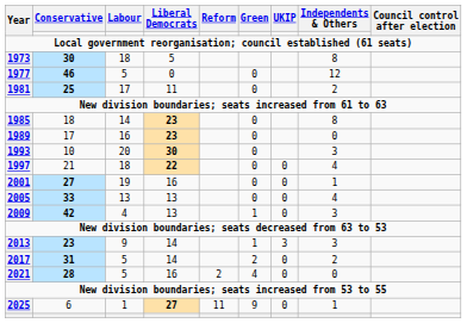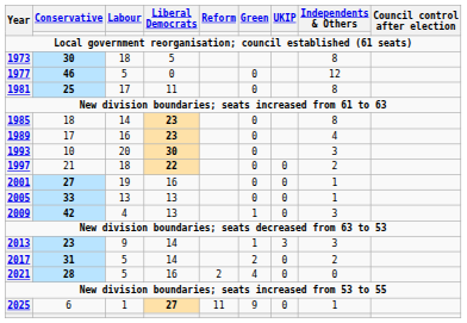 <table class="wikitable plainrowheaders" style="text-align:center">
 <tr>
 <th scope="col" rowspan="2">Year</th>
 <th scope="col"><a href='#'>Conservative</a></th>
 <th scope="col"><a href='#'>Labour</a></th>
 <th scope="col" style="width:1px"><a href='#'>Liberal Democrats</a></th>
 <th scope="col"><a href='#'>Reform</a></th>
 <th scope="col"><a href='#'>Green</a></th>
 <th scope="col"><a href='#'>UKIP</a></th>
 <th scope="col"><a href='#'>Independents</a><br>& Others</th>
 <th scope="col" rowspan="2" colspan="2">Council control<br>after election</th>
 </tr>
 <tr>
 <td style="background:"></td>
 <td style="background:"></td>
 <td style="background:"></td>
 <td style="background:"></td>
 <td style="background:"></td>
 <td style="background:"></td>
 <td style="background:"></td>
 </tr>
 <tr>
 <td colspan="10"><strong>Local government reorganisation; council established (61 seats)</strong></td>
 </tr>
 <tr>
 <th scope="row"><a href='#'>1973</a></th>
 <td style="background:#B9E4FF;"><strong>30</strong></td>
 <td>18</td>
 <td>5</td>
 <td></td>
 <td></td>
 <td></td>
 <td>8</td>
 <td></td>
 </tr>
 <tr>
 <th scope="row"><a href='#'>1977</a></th>
 <td style="background:#B9E4FF;"><strong>46</strong></td>
 <td>5</td>
 <td>0</td>
 <td></td>
 <td>0</td>
 <td></td>
 <td>12</td>
 <td></td>
 </tr>
 <tr>
 <th scope="row"><a href='#'>1981</a></th>
 <td style="background:#B9E4FF;"><strong>25</strong></td>
 <td>17</td>
 <td>11</td>
 <td></td>
 <td>0</td>
 <td></td>
-<td>2</td>
+<td>8</td>
 <td></td>
 </tr>
 <tr>
 <td colspan="10"><strong>New division boundaries; seats increased from 61 to 63</strong></td>
 </tr>
 <tr>
 <th scope="row"><a href='#'>1985</a></th>
 <td>18</td>
 <td>14</td>
 <td style="background:#FEE1A8"><strong>23</strong></td>
 <td></td>
 <td>0</td>
 <td></td>
 <td>8</td>
 <td></td>
 </tr>
 <tr>
 <th scope="row"><a href='#'>1989</a></th>
 <td>17</td>
 <td>16</td>
 <td style="background:#FEE1A8"><strong>23</strong></td>
 <td></td>
 <td>0</td>
 <td></td>
-<td>0</td>
+<td>4</td>
 <td></td>
 </tr>
 <tr>
 <th scope="row"><a href='#'>1993</a></th>
 <td>10</td>
 <td>20</td>
 <td style="background:#FEE1A8"><strong>30</strong></td>
 <td></td>
 <td>0</td>
 <td></td>
 <td>3</td>
 <td></td>
 </tr>
 <tr>
 <th scope="row"><a href='#'>1997</a></th>
 <td>21</td>
 <td>18</td>
 <td style="background:#FEE1A8"><strong>22</strong></td>
 <td></td>
 <td>0</td>
 <td>0</td>
-<td>4</td>
+<td>2</td>
 <td></td>
 </tr>
 <tr>
 <th scope="row"><a href='#'>2001</a></th>
 <td style="background:#B9E4FF;"><strong>27</strong></td>
 <td>19</td>
 <td>16</td>
 <td></td>
 <td>0</td>
 <td>0</td>
 <td>1</td>
 <td></td>
 </tr>
 <tr>
 <th scope="row"><a href='#'>2005</a></th>
 <td style="background:#B9E4FF;"><strong>33</strong></td>
 <td>13</td>
 <td>13</td>
 <td></td>
 <td>0</td>
 <td>0</td>
-<td>4</td>
+<td>1</td>
 <td></td>
 </tr>
 <tr>
 <th scope="row"><a href='#'>2009</a></th>
 <td style="background:#B9E4FF;"><strong>42</strong></td>
 <td>4</td>
 <td>13</td>
 <td></td>
 <td>1</td>
 <td>0</td>
 <td>3</td>
 <td></td>
 </tr>
 <tr>
 <td colspan="10"><strong>New division boundaries; seats decreased from 63 to 53</strong></td>
 </tr>
 <tr>
 <th scope="row"><a href='#'>2013</a></th>
 <td style="background:#B9E4FF;"><strong>23</strong></td>
 <td>9</td>
 <td>14</td>
 <td></td>
 <td>1</td>
 <td>3</td>
 <td>3</td>
 <td></td>
 </tr>
 <tr>
 <th scope="row"><a href='#'>2017</a></th>
 <td style="background:#B9E4FF;"><strong>31</strong></td>
 <td>5</td>
 <td>14</td>
 <td></td>
 <td>2</td>
 <td>0</td>
 <td>2</td>
 <td></td>
 </tr>
 <tr>
 <th scope="row"><a href='#'>2021</a></th>
 <td style="background:#B9E4FF;"><strong>28</strong></td>
 <td>5</td>
 <td>16</td>
 <td>2</td>
 <td>4</td>
 <td>0</td>
 <td>0</td>
 <td></td>
 </tr>
 <tr>
 <td colspan="10"><strong>New division boundaries; seats increased from 53 to 55</strong></td>
 </tr>
 <tr>
 <th scope="row"><a href='#'>2025</a></th>
 <td>6</td>
 <td>1</td>
 <td style="background:#FEE1A8"><strong>27</strong></td>
 <td>11</td>
 <td>9</td>
 <td>0</td>
 <td>1</td>
 <td></td>
 </tr>
 <tr>
 <th></th>
 <th style="background-color: "></th>
 <th style="background-color: "></th>
 <th style="background-color: "></th>
 <th style="background-color: "></th>
 <th style="background-color: "></th>
 <th style="background-color: "></th>
 <th style="background-color: "></th>
 </tr>
 </table>
